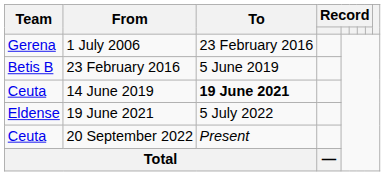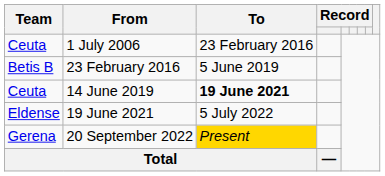 <table class="wikitable" style="text-align:center">
 <tr>
 <th rowspan="2">Team</th>
 <th rowspan="2">From</th>
 <th rowspan="2">To</th>
 <th colspan="5">Record</th>
 <th rowspan="2"></th>
 </tr>
 <tr>
 <th></th>
 <th></th>
 <th></th>
 <th></th>
 <th></th>
 </tr>
 <tr>
-<td align="left"><a href='#'>Gerena</a></td>
+<td align="left"><a href='#'>Ceuta</a></td>
 <td align="left">1 July 2006</td>
 <td align="left">23 February 2016<br></td>
 <td></td>
 </tr>
 <tr>
 <td align="left"><a href='#'>Betis B</a></td>
 <td align="left">23 February 2016</td>
 <td align="left">5 June 2019<br></td>
 <td></td>
 </tr>
 <tr>
 <td align="left"><a href='#'>Ceuta</a></td>
 <td align="left">14 June 2019</td>
 <td align="left"><strong>19 June 2021<br></strong></td>
 <td></td>
 </tr>
 <tr>
 <td align="left"><a href='#'>Eldense</a></td>
 <td align="left">19 June 2021</td>
 <td align="left">5 July 2022<br></td>
 <td></td>
 </tr>
 <tr>
-<td align="left"><a href='#'>Ceuta</a></td>
+<td align="left"><a href='#'>Gerena</a></td>
 <td align="left">20 September 2022</td>
-<td align="left"><em>Present</em><br></td>
+<td align="left" style="background: gold;"><em>Present</em><br></td>
 <td></td>
 </tr>
 <tr>
 <th colspan="3">Total<br></th>
 <th>—</th>
 </tr>
 </table>
